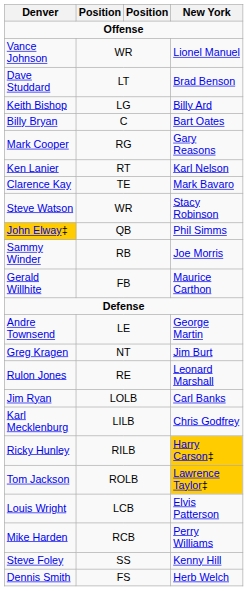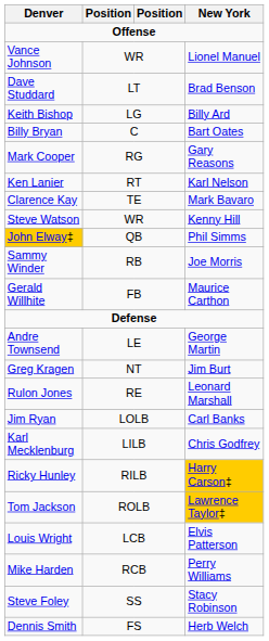 <table class="wikitable">
 <tr>
 <th style="width:100px">Denver</th>
 <th>Position</th>
 <th>Position</th>
 <th style="width:100px">New York</th>
 </tr>
 <tr>
 <td colspan="4" style="text-align:center;"><strong>Offense</strong></td>
 </tr>
 <tr>
 <td><a href='#'>Vance Johnson</a></td>
 <td colspan="2" style="text-align:center;">WR</td>
 <td><a href='#'>Lionel Manuel</a></td>
 </tr>
 <tr>
 <td><a href='#'>Dave Studdard</a></td>
 <td colspan="2" style="text-align:center;">LT</td>
 <td><a href='#'>Brad Benson</a></td>
 </tr>
 <tr>
 <td><a href='#'>Keith Bishop</a></td>
 <td colspan="2" style="text-align:center;">LG</td>
 <td><a href='#'>Billy Ard</a></td>
 </tr>
 <tr>
 <td><a href='#'>Billy Bryan</a></td>
 <td colspan="2" style="text-align:center;">C</td>
 <td><a href='#'>Bart Oates</a></td>
 </tr>
 <tr>
 <td><a href='#'>Mark Cooper</a></td>
 <td colspan="2" style="text-align:center;">RG</td>
 <td><a href='#'>Gary Reasons</a></td>
 </tr>
 <tr>
 <td><a href='#'>Ken Lanier</a></td>
 <td colspan="2" style="text-align:center;">RT</td>
 <td><a href='#'>Karl Nelson</a></td>
 </tr>
 <tr>
 <td><a href='#'>Clarence Kay</a></td>
 <td colspan="2" style="text-align:center;">TE</td>
 <td><a href='#'>Mark Bavaro</a></td>
 </tr>
 <tr>
 <td><a href='#'>Steve Watson</a></td>
 <td colspan="2" style="text-align:center;">WR</td>
-<td><a href='#'>Stacy Robinson</a></td>
+<td><a href='#'>Kenny Hill</a></td>
 </tr>
 <tr>
 <td bgcolor="#FFCC00"><a href='#'>John Elway</a>‡</td>
 <td colspan="2" style="text-align:center;">QB</td>
 <td><a href='#'>Phil Simms</a></td>
 </tr>
 <tr>
 <td><a href='#'>Sammy Winder</a></td>
 <td colspan="2" style="text-align:center;">RB</td>
 <td><a href='#'>Joe Morris</a></td>
 </tr>
 <tr>
 <td><a href='#'>Gerald Willhite</a></td>
 <td colspan="2" style="text-align:center;">FB</td>
 <td><a href='#'>Maurice Carthon</a></td>
 </tr>
 <tr>
 <td colspan="4" style="text-align:center;"><strong>Defense</strong></td>
 </tr>
 <tr>
 <td><a href='#'>Andre Townsend</a></td>
 <td colspan="2" style="text-align:center;">LE</td>
 <td><a href='#'>George Martin</a></td>
 </tr>
 <tr>
 <td><a href='#'>Greg Kragen</a></td>
 <td colspan="2" style="text-align:center;">NT</td>
 <td><a href='#'>Jim Burt</a></td>
 </tr>
 <tr>
 <td><a href='#'>Rulon Jones</a></td>
 <td colspan="2" style="text-align:center;">RE</td>
 <td><a href='#'>Leonard Marshall</a></td>
 </tr>
 <tr>
 <td><a href='#'>Jim Ryan</a></td>
 <td colspan="2" style="text-align:center;">LOLB</td>
 <td><a href='#'>Carl Banks</a></td>
 </tr>
 <tr>
 <td><a href='#'>Karl Mecklenburg</a></td>
 <td colspan="2" style="text-align:center;">LILB</td>
 <td><a href='#'>Chris Godfrey</a></td>
 </tr>
 <tr>
 <td><a href='#'>Ricky Hunley</a></td>
 <td colspan="2" style="text-align:center;">RILB</td>
 <td bgcolor="#FFCC00"><a href='#'>Harry Carson</a>‡</td>
 </tr>
 <tr>
 <td><a href='#'>Tom Jackson</a></td>
 <td colspan="2" style="text-align:center;">ROLB</td>
 <td bgcolor="#FFCC00"><a href='#'>Lawrence Taylor</a>‡</td>
 </tr>
 <tr>
 <td><a href='#'>Louis Wright</a></td>
 <td colspan="2" style="text-align:center;">LCB</td>
 <td><a href='#'>Elvis Patterson</a></td>
 </tr>
 <tr>
 <td><a href='#'>Mike Harden</a></td>
 <td colspan="2" style="text-align:center;">RCB</td>
 <td><a href='#'>Perry Williams</a></td>
 </tr>
 <tr>
 <td><a href='#'>Steve Foley</a></td>
 <td colspan="2" style="text-align:center;">SS</td>
-<td><a href='#'>Kenny Hill</a></td>
+<td><a href='#'>Stacy Robinson</a></td>
 </tr>
 <tr>
 <td><a href='#'>Dennis Smith</a></td>
 <td colspan="2" style="text-align:center;">FS</td>
 <td><a href='#'>Herb Welch</a></td>
 </tr>
 </table>
